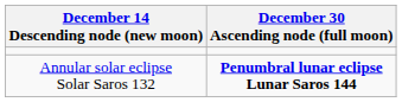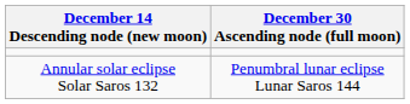 <table class="wikitable">
 <tr>
 <th><a href='#'>December 14</a><br>Descending node (new moon)<br></th>
 <th><a href='#'>December 30</a><br>Ascending node (full moon)<br></th>
 </tr>
 <tr>
 <td></td>
 <td></td>
 </tr>
 <tr align=center>
 <td><a href='#'>Annular solar eclipse</a><br>Solar Saros 132</td>
-<td><strong><a href='#'>Penumbral lunar eclipse</a><br>Lunar Saros 144</strong></td>
+<td><a href='#'>Penumbral lunar eclipse</a><br>Lunar Saros 144</td>
 </tr>
 </table>
